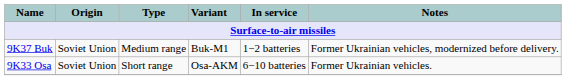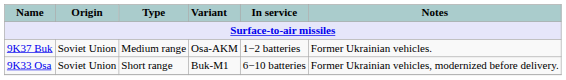 <table class="wikitable">
 <tr>
 <th style="text-align:center; background:#acc;">Name</th>
 <th style="text-align: center; background:#acc;">Origin</th>
 <th style="text-align:l center; background:#acc;">Type</th>
 <th style="text-align:left; background:#acc;">Variant</th>
 <th style="text-align:center; background:#acc;">In service</th>
 <th style="text-align: center; background:#acc;">Notes</th>
 </tr>
 <tr>
 <th style="align: center; background: lavender;" colspan="7"><a href='#'>Surface-to-air missiles</a></th>
 </tr>
 <tr>
 <td><a href='#'>9K37 Buk</a></td>
 <td>Soviet Union</td>
 <td>Medium range</td>
-<td>Buk-M1</td>
+<td>Osa-AKM</td>
 <td>1−2 batteries</td>
-<td>Former Ukrainian vehicles, modernized before delivery.</td>
+<td>Former Ukrainian vehicles.</td>
 </tr>
 <tr>
 <td><a href='#'>9K33 Osa</a></td>
 <td>Soviet Union</td>
 <td>Short range</td>
-<td>Osa-AKM</td>
+<td>Buk-M1</td>
 <td>6−10 batteries</td>
-<td>Former Ukrainian vehicles.</td>
+<td>Former Ukrainian vehicles, modernized before delivery.</td>
 </tr>
 <tr>
 </tr>
 </table>
